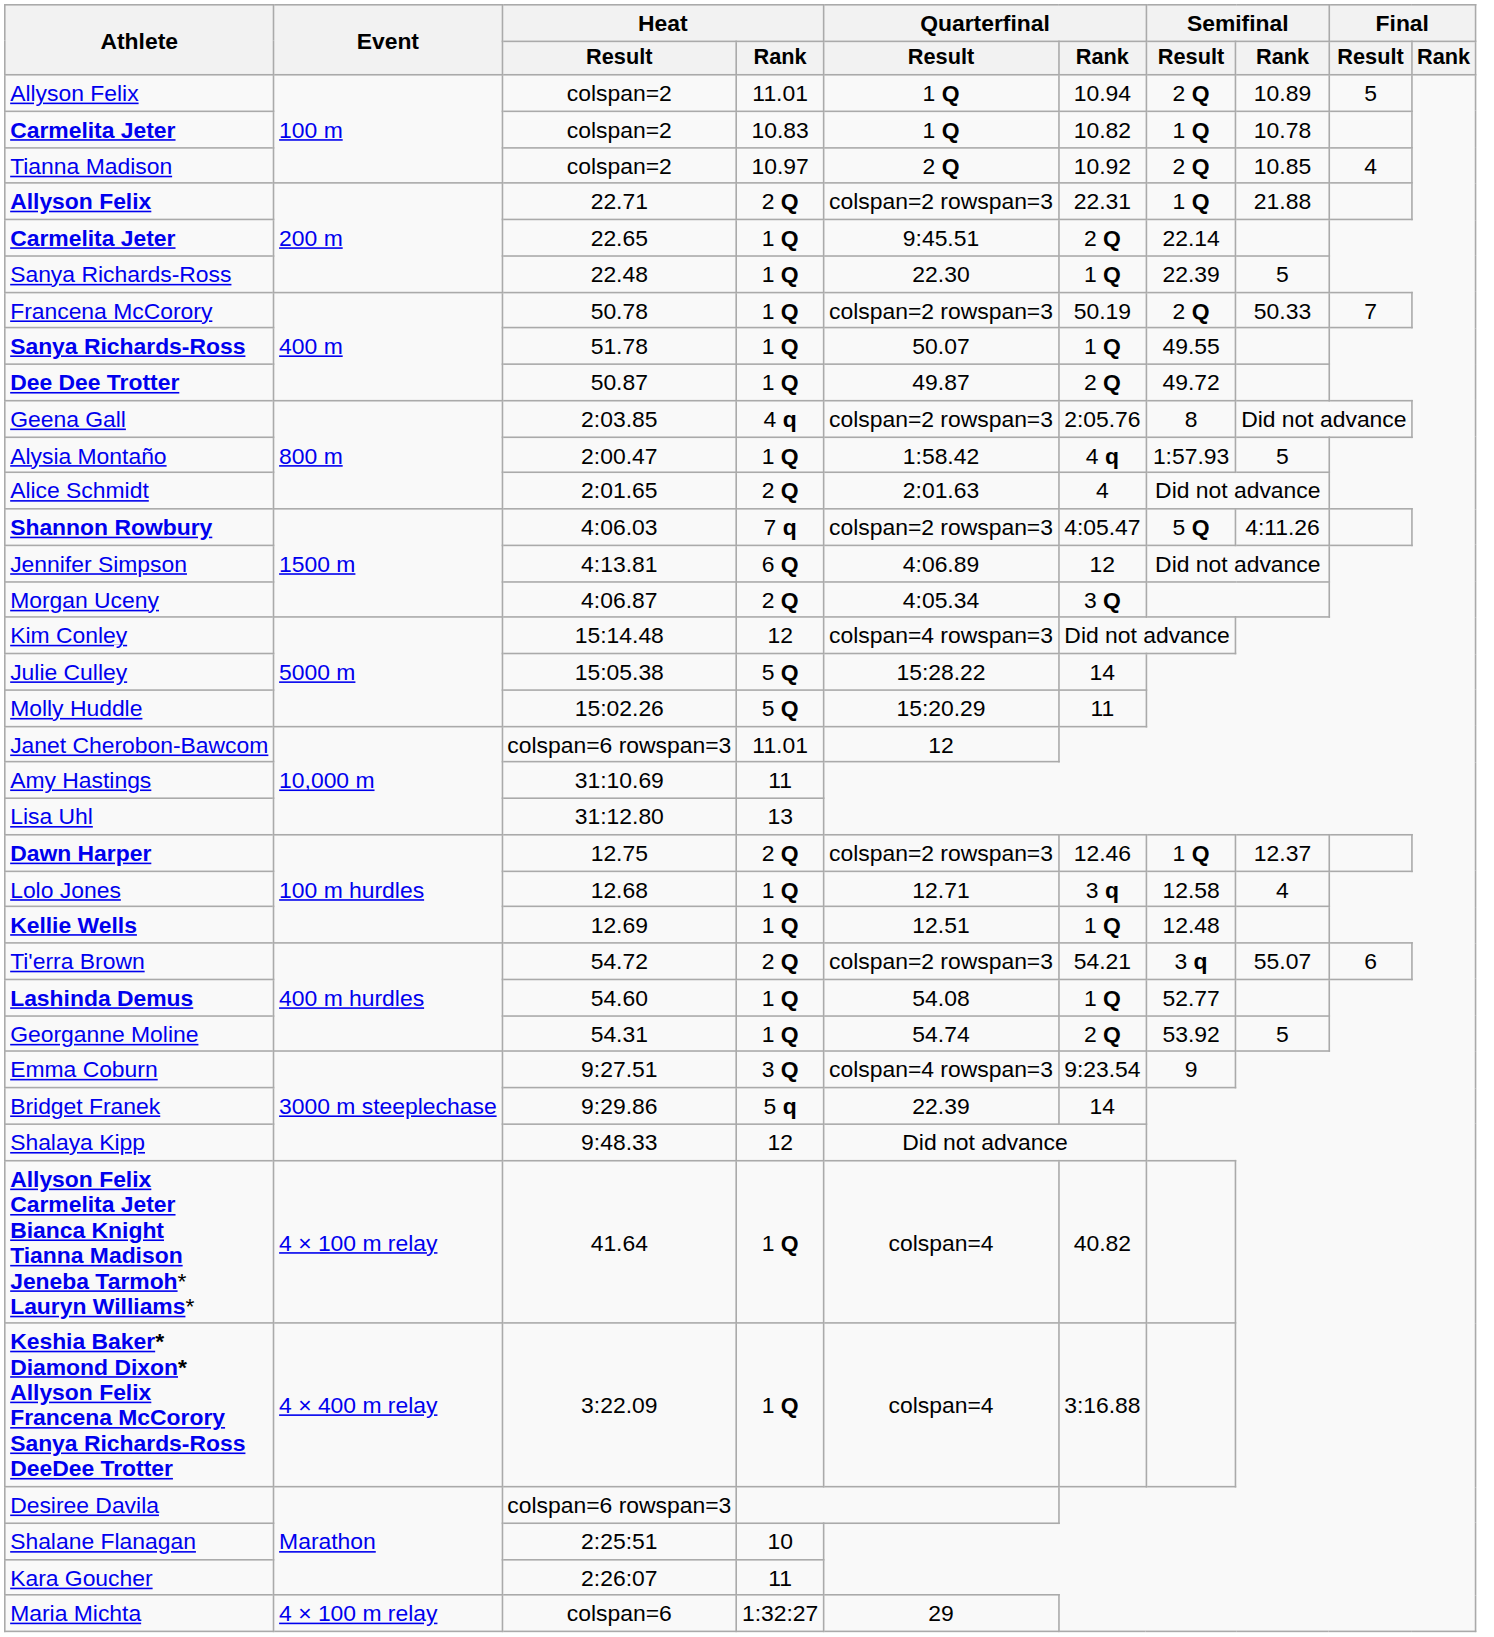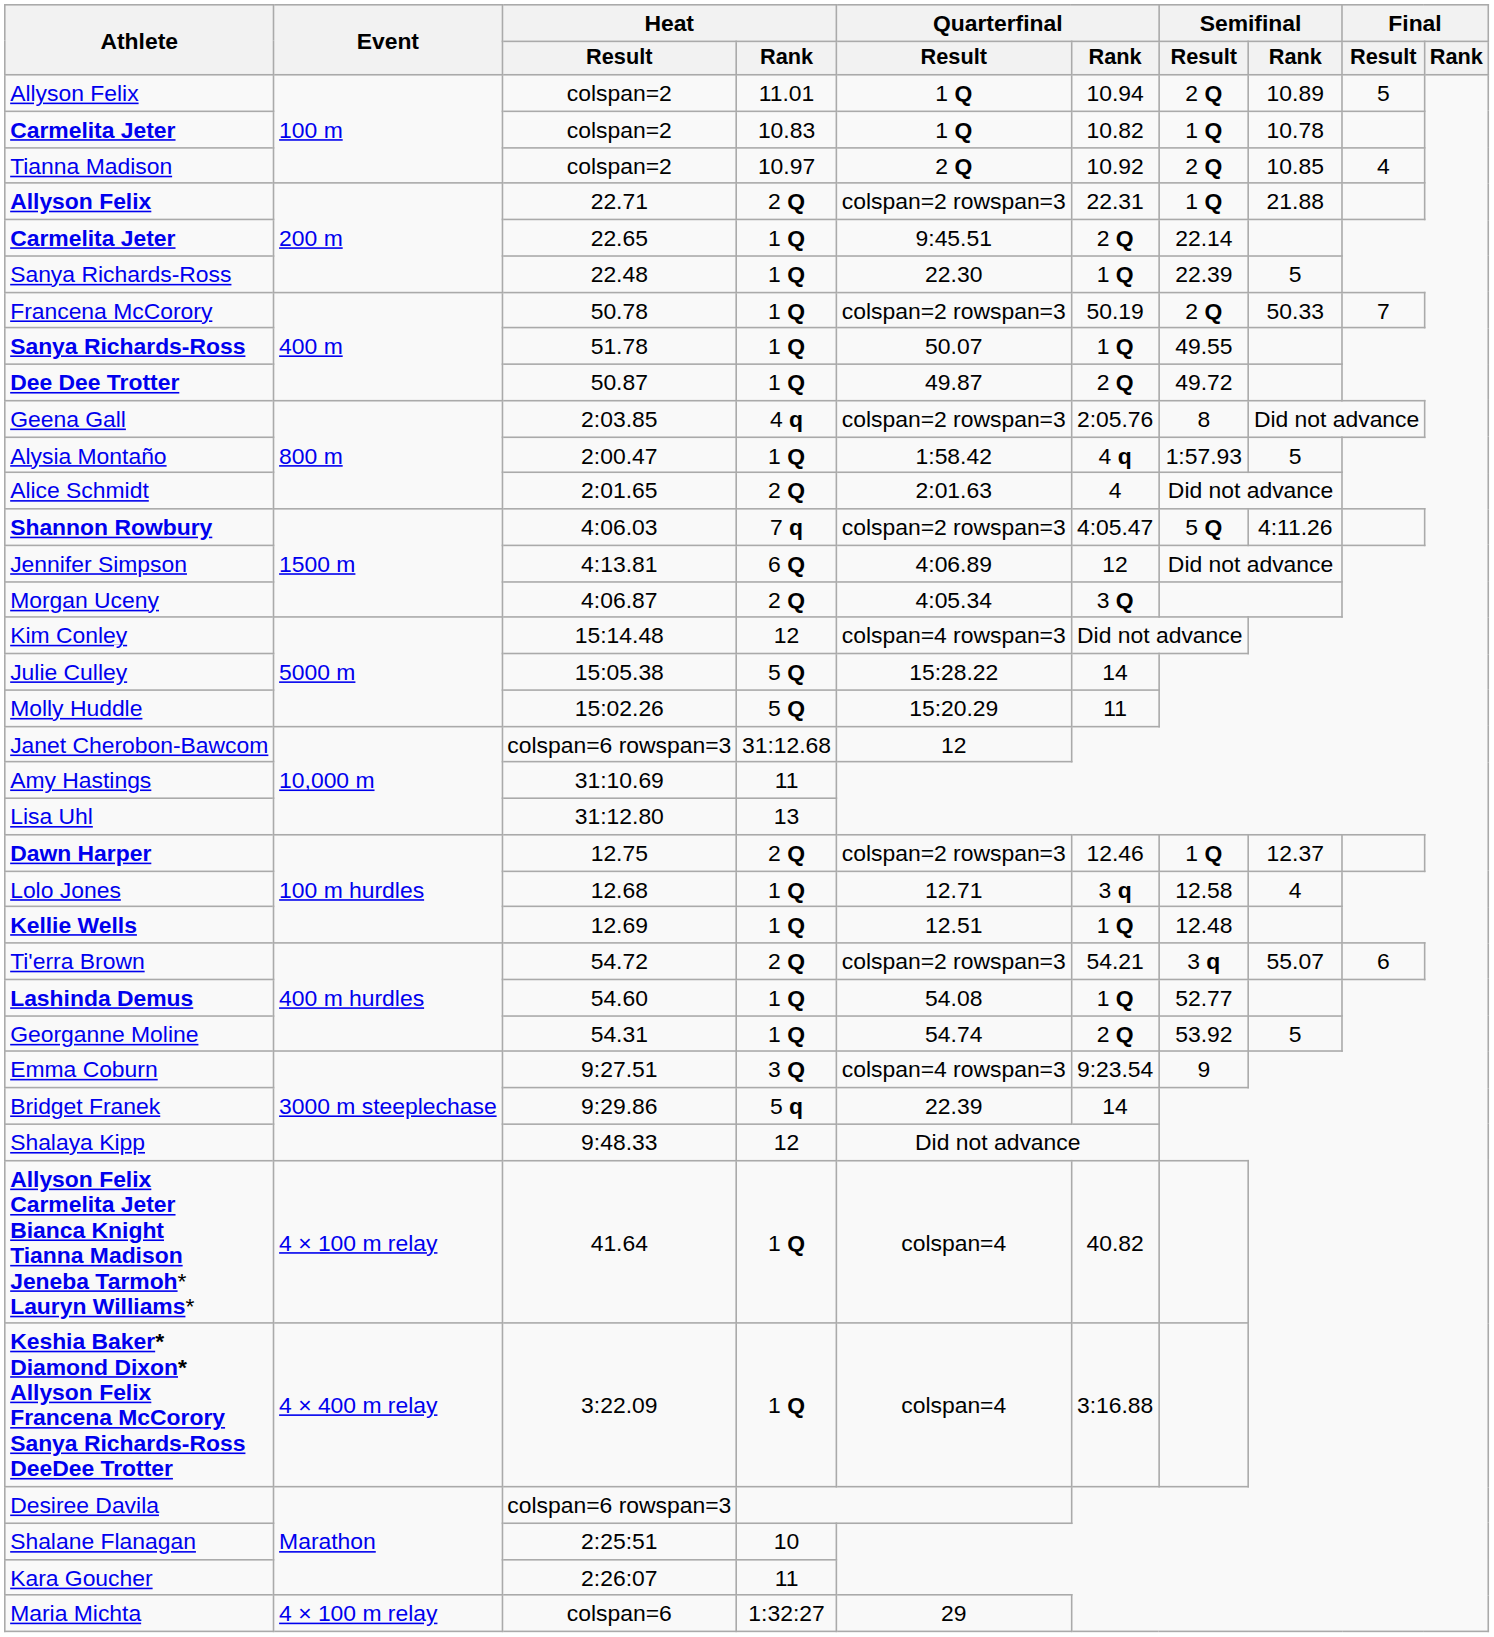 <table class=wikitable style=font-size:90%;text-align:center>
 <tr>
 <th rowspan=2>Athlete</th>
 <th rowspan=2>Event</th>
 <th colspan=2>Heat</th>
 <th colspan=2>Quarterfinal</th>
 <th colspan=2>Semifinal</th>
 <th colspan=2>Final</th>
 </tr>
 <tr style=font-size:95%>
 <th>Result</th>
 <th>Rank</th>
 <th>Result</th>
 <th>Rank</th>
 <th>Result</th>
 <th>Rank</th>
 <th>Result</th>
 <th>Rank</th>
 </tr>
 <tr>
 <td align=left><a href='#'>Allyson Felix</a></td>
 <td align=left rowspan=3><a href='#'>100 m</a></td>
 <td>colspan=2 </td>
 <td>11.01</td>
 <td>1 <strong>Q</strong></td>
 <td>10.94</td>
 <td>2 <strong>Q</strong></td>
 <td>10.89</td>
 <td>5</td>
 </tr>
 <tr>
 <td align=left><strong><a href='#'>Carmelita Jeter</a></strong></td>
 <td>colspan=2 </td>
 <td>10.83</td>
 <td>1 <strong>Q</strong></td>
 <td>10.82</td>
 <td>1 <strong>Q</strong></td>
 <td>10.78</td>
 <td></td>
 </tr>
 <tr>
 <td align=left><a href='#'>Tianna Madison</a></td>
 <td>colspan=2 </td>
 <td>10.97</td>
 <td>2 <strong>Q</strong></td>
 <td>10.92</td>
 <td>2 <strong>Q</strong></td>
 <td>10.85</td>
 <td>4</td>
 </tr>
 <tr>
 <td align=left><strong><a href='#'>Allyson Felix</a></strong></td>
 <td align=left rowspan=3><a href='#'>200 m</a></td>
 <td>22.71</td>
 <td>2 <strong>Q</strong></td>
 <td>colspan=2 rowspan=3 </td>
 <td>22.31</td>
 <td>1 <strong>Q</strong></td>
 <td>21.88</td>
 <td></td>
 </tr>
 <tr>
 <td align=left><strong><a href='#'>Carmelita Jeter</a></strong></td>
 <td>22.65</td>
 <td>1 <strong>Q</strong></td>
 <td>9:45.51</td>
 <td>2 <strong>Q</strong></td>
 <td>22.14</td>
 <td></td>
 </tr>
 <tr>
 <td align=left><a href='#'>Sanya Richards-Ross</a></td>
 <td>22.48</td>
 <td>1 <strong>Q</strong></td>
 <td>22.30</td>
 <td>1 <strong>Q</strong></td>
 <td>22.39</td>
 <td>5</td>
 </tr>
 <tr>
 <td align=left><a href='#'>Francena McCorory</a></td>
 <td align=left rowspan=3><a href='#'>400 m</a></td>
 <td>50.78</td>
 <td>1 <strong>Q</strong></td>
 <td>colspan=2 rowspan=3 </td>
 <td>50.19</td>
 <td>2 <strong>Q</strong></td>
 <td>50.33</td>
 <td>7</td>
 </tr>
 <tr>
 <td align=left><strong><a href='#'>Sanya Richards-Ross</a></strong></td>
 <td>51.78</td>
 <td>1 <strong>Q</strong></td>
 <td>50.07</td>
 <td>1 <strong>Q</strong></td>
 <td>49.55</td>
 <td></td>
 </tr>
 <tr>
 <td align=left><strong><a href='#'>Dee Dee Trotter</a></strong></td>
 <td>50.87</td>
 <td>1 <strong>Q</strong></td>
 <td>49.87</td>
 <td>2 <strong>Q</strong></td>
 <td>49.72</td>
 <td></td>
 </tr>
 <tr>
 <td align=left><a href='#'>Geena Gall</a></td>
 <td align=left rowspan=3><a href='#'>800 m</a></td>
 <td>2:03.85</td>
 <td>4 <strong>q</strong></td>
 <td>colspan=2 rowspan=3 </td>
 <td>2:05.76</td>
 <td>8</td>
 <td colspan=2>Did not advance</td>
 </tr>
 <tr>
 <td align=left><a href='#'>Alysia Montaño</a></td>
 <td>2:00.47</td>
 <td>1 <strong>Q</strong></td>
 <td>1:58.42</td>
 <td>4 <strong>q</strong></td>
 <td>1:57.93</td>
 <td>5</td>
 </tr>
 <tr>
 <td align=left><a href='#'>Alice Schmidt</a></td>
 <td>2:01.65</td>
 <td>2 <strong>Q</strong></td>
 <td>2:01.63</td>
 <td>4</td>
 <td colspan=2>Did not advance</td>
 </tr>
 <tr>
 <td align=left><strong><a href='#'>Shannon Rowbury</a></strong></td>
 <td align=left rowspan=3><a href='#'>1500 m</a></td>
 <td>4:06.03</td>
 <td>7 <strong>q</strong></td>
 <td>colspan=2 rowspan=3 </td>
 <td>4:05.47</td>
 <td>5 <strong>Q</strong></td>
 <td>4:11.26</td>
 <td></td>
 </tr>
 <tr>
 <td align=left><a href='#'>Jennifer Simpson</a></td>
 <td>4:13.81</td>
 <td>6 <strong>Q</strong></td>
 <td>4:06.89</td>
 <td>12</td>
 <td colspan=2>Did not advance</td>
 </tr>
 <tr>
 <td align=left><a href='#'>Morgan Uceny</a></td>
 <td>4:06.87</td>
 <td>2 <strong>Q</strong></td>
 <td>4:05.34</td>
 <td>3 <strong>Q</strong></td>
 <td colspan=2></td>
 </tr>
 <tr>
 <td align=left><a href='#'>Kim Conley</a></td>
 <td align=left rowspan=3><a href='#'>5000 m</a></td>
 <td>15:14.48</td>
 <td>12</td>
 <td>colspan=4 rowspan=3 </td>
 <td colspan=2>Did not advance</td>
 </tr>
 <tr>
 <td align=left><a href='#'>Julie Culley</a></td>
 <td>15:05.38</td>
 <td>5 <strong>Q</strong></td>
 <td>15:28.22</td>
 <td>14</td>
 </tr>
 <tr>
 <td align=left><a href='#'>Molly Huddle</a></td>
 <td>15:02.26</td>
 <td>5 <strong>Q</strong></td>
 <td>15:20.29</td>
 <td>11</td>
 </tr>
 <tr>
 <td align=left><a href='#'>Janet Cherobon-Bawcom</a></td>
 <td align=left rowspan=3><a href='#'>10,000 m</a></td>
 <td>colspan=6 rowspan=3</td>
-<td>11.01</td>
+<td>31:12.68</td>
 <td>12</td>
 </tr>
 <tr>
 <td align=left><a href='#'>Amy Hastings</a></td>
 <td>31:10.69</td>
 <td>11</td>
 </tr>
 <tr>
 <td align=left><a href='#'>Lisa Uhl</a></td>
 <td>31:12.80</td>
 <td>13</td>
 </tr>
 <tr>
 <td align=left><strong><a href='#'>Dawn Harper</a></strong></td>
 <td align=left rowspan=3><a href='#'>100 m hurdles</a></td>
 <td>12.75</td>
 <td>2 <strong>Q</strong></td>
 <td>colspan=2 rowspan=3 </td>
 <td>12.46</td>
 <td>1 <strong>Q</strong></td>
 <td>12.37</td>
 <td></td>
 </tr>
 <tr>
 <td align=left><a href='#'>Lolo Jones</a></td>
 <td>12.68</td>
 <td>1 <strong>Q</strong></td>
 <td>12.71</td>
 <td>3 <strong>q</strong></td>
 <td>12.58</td>
 <td>4</td>
 </tr>
 <tr>
 <td align=left><strong><a href='#'>Kellie Wells</a></strong></td>
 <td>12.69</td>
 <td>1 <strong>Q</strong></td>
 <td>12.51</td>
 <td>1 <strong>Q</strong></td>
 <td>12.48</td>
 <td></td>
 </tr>
 <tr>
 <td align=left><a href='#'>Ti'erra Brown</a></td>
 <td align=left rowspan=3><a href='#'>400 m hurdles</a></td>
 <td>54.72</td>
 <td>2 <strong>Q</strong></td>
 <td>colspan=2 rowspan=3 </td>
 <td>54.21</td>
 <td>3 <strong>q</strong></td>
 <td>55.07</td>
 <td>6</td>
 </tr>
 <tr>
 <td align=left><strong><a href='#'>Lashinda Demus</a></strong></td>
 <td>54.60</td>
 <td>1 <strong>Q</strong></td>
 <td>54.08</td>
 <td>1 <strong>Q</strong></td>
 <td>52.77</td>
 <td></td>
 </tr>
 <tr>
 <td align=left><a href='#'>Georganne Moline</a></td>
 <td>54.31</td>
 <td>1 <strong>Q</strong></td>
 <td>54.74</td>
 <td>2 <strong>Q</strong></td>
 <td>53.92</td>
 <td>5</td>
 </tr>
 <tr>
 <td align=left><a href='#'>Emma Coburn</a></td>
 <td align=left rowspan=3><a href='#'>3000 m steeplechase</a></td>
 <td>9:27.51</td>
 <td>3 <strong>Q</strong></td>
 <td>colspan=4 rowspan=3 </td>
 <td>9:23.54</td>
 <td>9</td>
 </tr>
 <tr>
 <td align=left><a href='#'>Bridget Franek</a></td>
 <td>9:29.86</td>
 <td>5 <strong>q</strong></td>
 <td>22.39</td>
 <td>14</td>
 </tr>
 <tr>
 <td align=left><a href='#'>Shalaya Kipp</a></td>
 <td>9:48.33</td>
 <td>12</td>
 <td colspan=2>Did not advance</td>
 </tr>
 <tr>
 <td align=left><strong><a href='#'>Allyson Felix</a></strong><br><strong><a href='#'>Carmelita Jeter</a></strong><br><strong><a href='#'>Bianca Knight</a></strong><br><strong><a href='#'>Tianna Madison</a></strong><br><strong><a href='#'>Jeneba Tarmoh</a></strong>*<br><strong><a href='#'>Lauryn Williams</a></strong>*</td>
 <td align=left><a href='#'>4 × 100 m relay</a></td>
 <td>41.64</td>
 <td>1 <strong>Q</strong></td>
 <td>colspan=4 </td>
 <td>40.82 </td>
 <td></td>
 </tr>
 <tr>
 <td align=left><strong><a href='#'>Keshia Baker</a>*<br><a href='#'>Diamond Dixon</a>*<br><a href='#'>Allyson Felix</a><br><a href='#'>Francena McCorory</a><br><a href='#'>Sanya Richards-Ross</a><br><a href='#'>DeeDee Trotter</a></strong></td>
 <td align=left><a href='#'>4 × 400 m relay</a></td>
 <td>3:22.09</td>
 <td>1 <strong>Q</strong></td>
 <td>colspan=4 </td>
 <td>3:16.88</td>
 <td></td>
 </tr>
 <tr>
 <td align=left><a href='#'>Desiree Davila</a></td>
 <td align=left rowspan=3><a href='#'>Marathon</a></td>
 <td>colspan=6 rowspan=3 </td>
 <td colspan=2></td>
 </tr>
 <tr>
 <td align=left><a href='#'>Shalane Flanagan</a></td>
 <td>2:25:51</td>
 <td>10</td>
 </tr>
 <tr>
 <td align=left><a href='#'>Kara Goucher</a></td>
 <td>2:26:07</td>
 <td>11</td>
 </tr>
 <tr>
 <td align=left><a href='#'>Maria Michta</a></td>
 <td align=left><a href='#'>4 × 100 m relay</a></td>
 <td>colspan=6 </td>
 <td>1:32:27</td>
 <td>29</td>
 </tr>
 </table>
